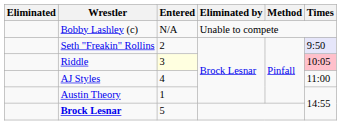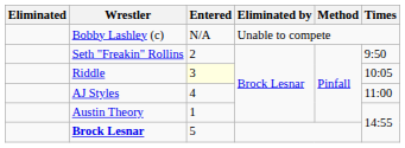 <table class="wikitable sortable">
 <tr>
 <th>Eliminated</th>
 <th>Wrestler</th>
 <th>Entered</th>
 <th>Eliminated by</th>
 <th>Method</th>
 <th>Times</th>
 </tr>
 <tr>
 <td></td>
 <td><a href='#'>Bobby Lashley</a> (c)</td>
 <td>N/A</td>
 <td colspan="3">Unable to compete</td>
 </tr>
 <tr>
 <td></td>
 <td><a href='#'>Seth "Freakin" Rollins</a></td>
 <td>2</td>
 <td rowspan=4><a href='#'>Brock Lesnar</a></td>
 <td rowspan=4><a href='#'>Pinfall</a></td>
-<td style="background: lavender;">9:50</td>
+<td>9:50</td>
 </tr>
 <tr>
 <td></td>
 <td><a href='#'>Riddle</a></td>
 <td style="background: lightyellow;">3</td>
-<td style="background: pink;">10:05</td>
+<td>10:05</td>
 </tr>
 <tr>
 <td></td>
 <td><a href='#'>AJ Styles</a></td>
 <td>4</td>
 <td>11:00</td>
 </tr>
 <tr>
 <td></td>
 <td><a href='#'>Austin Theory</a></td>
 <td>1</td>
 <td rowspan=2>14:55</td>
 </tr>
 <tr>
 <td></td>
 <td><strong><a href='#'>Brock Lesnar</a></strong></td>
 <td>5</td>
 <td colspan="2"></td>
 </tr>
 </table>
